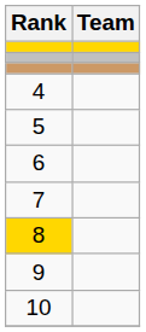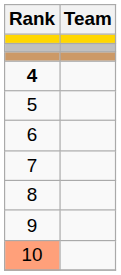 <table class="wikitable" border="1">
 <tr>
 <th>Rank</th>
 <th>Team</th>
 </tr>
 <tr bgcolor=gold>
 <td align=center></td>
 <td></td>
 </tr>
 <tr bgcolor=silver>
 <td align=center></td>
 <td></td>
 </tr>
 <tr bgcolor=cc9966>
 <td align=center></td>
 <td></td>
 </tr>
 <tr>
-<td align=center>4</td>
+<td align=center><strong>4</strong></td>
 <td></td>
 </tr>
 <tr>
 <td align=center>5</td>
 <td></td>
 </tr>
 <tr>
 <td align=center>6</td>
 <td></td>
 </tr>
 <tr>
 <td align=center>7</td>
 <td></td>
 </tr>
 <tr>
-<td align=center style="background: gold;">8</td>
+<td align=center>8</td>
 <td></td>
 </tr>
 <tr>
 <td align=center>9</td>
 <td></td>
 </tr>
 <tr>
-<td align=center>10</td>
+<td align=center style="background: lightsalmon;">10</td>
 <td></td>
 </tr>
 <tr>
 </tr>
 </table>
